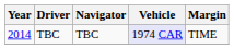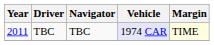 <table class="wikitable sortable" style="font-size: 90%;">
 <tr>
 <th>Year</th>
 <th>Driver</th>
 <th>Navigator</th>
 <th>Vehicle</th>
 <th>Margin</th>
 </tr>
 <tr>
-<td><a href='#'>2014</a></td>
+<td><a href='#'>2011</a></td>
 <td> TBC</td>
 <td> TBC</td>
 <td style="background: lavender;">1974 <a href='#'>CAR</a></td>
-<td>TIME</td>
+<td style="background: lightyellow;">TIME</td>
 </tr>
 <tr>
 </tr>
 </table>
